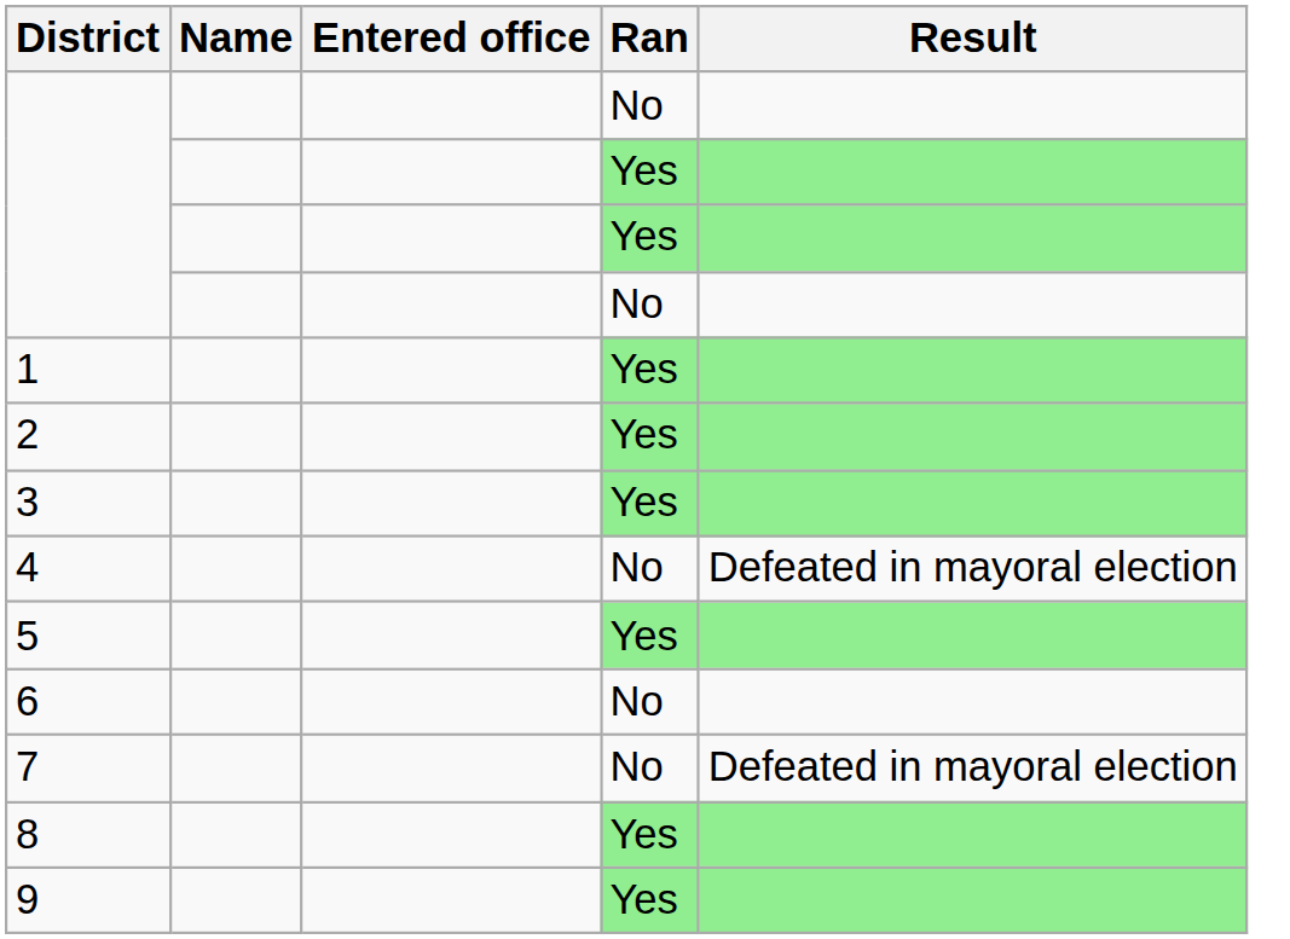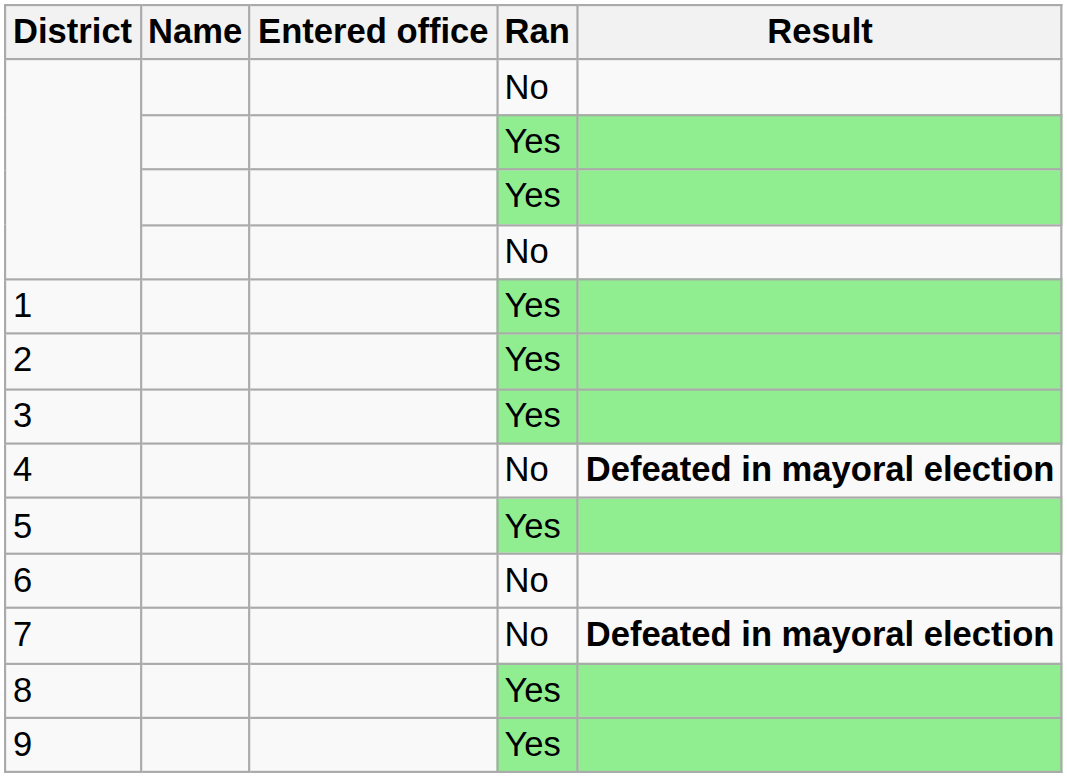 <table class="wikitable sortable">
 <tr>
 <th>District</th>
 <th>Name</th>
 <th>Entered office</th>
 <th>Ran</th>
 <th>Result</th>
 </tr>
 <tr>
 <td rowspan=4></td>
 <td></td>
 <td></td>
 <td>No</td>
 <td></td>
 </tr>
 <tr>
 <td></td>
 <td></td>
 <td bgcolor=lightgreen>Yes</td>
 <td bgcolor=lightgreen></td>
 </tr>
 <tr>
 <td></td>
 <td></td>
 <td bgcolor=lightgreen>Yes</td>
 <td bgcolor=lightgreen></td>
 </tr>
 <tr>
 <td></td>
 <td></td>
 <td>No</td>
 <td></td>
 </tr>
 <tr>
 <td>1</td>
 <td></td>
 <td></td>
 <td bgcolor=lightgreen>Yes</td>
 <td bgcolor=lightgreen></td>
 </tr>
 <tr>
 <td>2</td>
 <td></td>
 <td></td>
 <td bgcolor=lightgreen>Yes</td>
 <td bgcolor=lightgreen></td>
 </tr>
 <tr>
 <td>3</td>
 <td></td>
 <td></td>
 <td bgcolor=lightgreen>Yes</td>
 <td bgcolor=lightgreen></td>
 </tr>
 <tr>
 <td>4</td>
 <td></td>
 <td></td>
 <td>No</td>
-<td>Defeated in mayoral election</td>
+<td><strong>Defeated in mayoral election</strong></td>
 </tr>
 <tr>
 <td>5</td>
 <td></td>
 <td></td>
 <td bgcolor=lightgreen>Yes</td>
 <td bgcolor=lightgreen></td>
 </tr>
 <tr>
 <td>6</td>
 <td> </td>
 <td></td>
 <td>No</td>
 <td></td>
 </tr>
 <tr>
 <td>7</td>
 <td> </td>
 <td></td>
 <td>No</td>
-<td>Defeated in mayoral election</td>
+<td><strong>Defeated in mayoral election</strong></td>
 </tr>
 <tr>
 <td>8</td>
 <td></td>
 <td></td>
 <td bgcolor=lightgreen>Yes</td>
 <td bgcolor=lightgreen></td>
 </tr>
 <tr>
 <td>9</td>
 <td></td>
 <td></td>
 <td bgcolor=lightgreen>Yes</td>
 <td bgcolor=lightgreen></td>
 </tr>
 </table>
